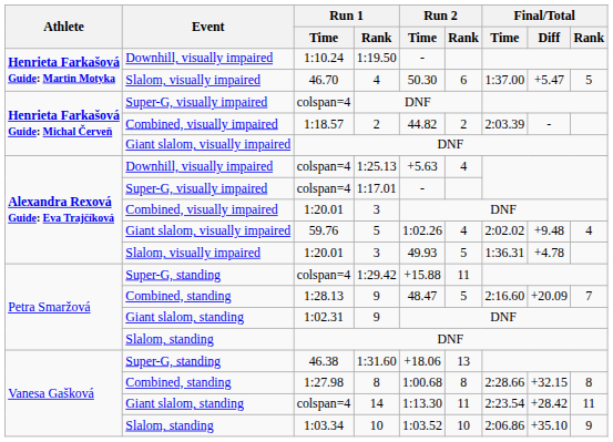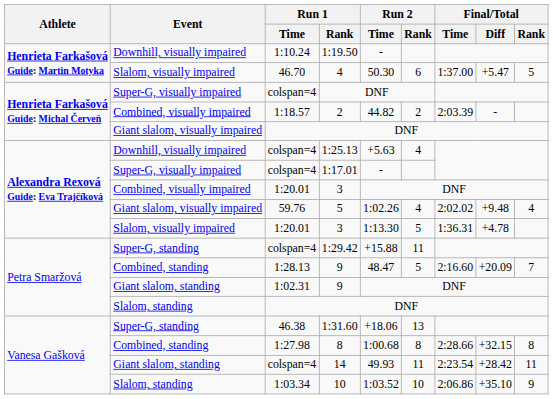 <table class="wikitable" style="font-size:90%">
 <tr>
 <th rowspan="2">Athlete</th>
 <th rowspan="2">Event</th>
 <th colspan="2">Run 1</th>
 <th colspan="2">Run 2</th>
 <th colspan="3">Final/Total</th>
 </tr>
 <tr>
 <th>Time</th>
 <th>Rank</th>
 <th>Time</th>
 <th>Rank</th>
 <th>Time</th>
 <th>Diff</th>
 <th>Rank</th>
 </tr>
 <tr>
 <td rowspan="2"><strong><a href='#'>Henrieta Farkašová</a><br><small><a href='#'>Guide</a>: <a href='#'>Martin Motyka</a></small></strong></td>
 <td><a href='#'>Downhill, visually impaired</a></td>
 <td align="center">1:10.24</td>
 <td align="center">1:19.50</td>
 <td align="center">-</td>
 <td align="center"></td>
 </tr>
 <tr>
 <td><a href='#'>Slalom, visually impaired</a></td>
 <td align="center">46.70</td>
 <td align="center">4</td>
 <td align="center">50.30</td>
 <td align="center">6</td>
 <td align="center">1:37.00</td>
 <td align="center">+5.47</td>
 <td align="center">5</td>
 </tr>
 <tr>
 <td rowspan="3"><strong><a href='#'>Henrieta Farkašová</a><br><small><a href='#'>Guide</a>: <a href='#'>Michal Červeň</a></small></strong></td>
 <td><a href='#'>Super-G, visually impaired</a></td>
 <td>colspan=4 </td>
 <td colspan=3 align="center">DNF</td>
 </tr>
 <tr>
 <td><a href='#'>Combined, visually impaired</a></td>
 <td align="center">1:18.57</td>
 <td align="center">2</td>
 <td align="center">44.82</td>
 <td align="center">2</td>
 <td align="center">2:03.39</td>
 <td align="center">-</td>
 <td align="center"></td>
 </tr>
 <tr>
 <td><a href='#'>Giant slalom, visually impaired</a></td>
 <td colspan=7 align="center">DNF</td>
 </tr>
 <tr>
 <td rowspan="5"><strong><a href='#'>Alexandra Rexová</a><br><small><a href='#'>Guide</a>: <a href='#'>Eva Trajčíková</a></small></strong></td>
 <td><a href='#'>Downhill, visually impaired</a></td>
 <td>colspan=4 </td>
 <td align="center">1:25.13</td>
 <td align="center">+5.63</td>
 <td align="center">4</td>
 </tr>
 <tr>
 <td><a href='#'>Super-G, visually impaired</a></td>
 <td>colspan=4 </td>
 <td align="center">1:17.01</td>
 <td align="center">-</td>
 <td align="center"></td>
 </tr>
 <tr>
 <td><a href='#'>Combined, visually impaired</a></td>
 <td align="center">1:20.01</td>
 <td align="center">3</td>
 <td colspan=5 align="center">DNF</td>
 </tr>
 <tr>
 <td><a href='#'>Giant slalom, visually impaired</a></td>
 <td align="center">59.76</td>
 <td align="center">5</td>
 <td align="center">1:02.26</td>
 <td align="center">4</td>
 <td align="center">2:02.02</td>
 <td align="center">+9.48</td>
 <td align="center">4</td>
 </tr>
 <tr>
 <td><a href='#'>Slalom, visually impaired</a></td>
 <td align="center">1:20.01</td>
 <td align="center">3</td>
-<td align="center">49.93</td>
+<td align="center">1:13.30</td>
 <td align="center">5</td>
 <td align="center">1:36.31</td>
 <td align="center">+4.78</td>
 <td align="center"></td>
 </tr>
 <tr>
 <td rowspan="4"><a href='#'>Petra Smaržová</a></td>
 <td><a href='#'>Super-G, standing</a></td>
 <td>colspan=4 </td>
 <td align="center">1:29.42</td>
 <td align="center">+15.88</td>
 <td align="center">11</td>
 </tr>
 <tr>
 <td><a href='#'>Combined, standing</a></td>
 <td align="center">1:28.13</td>
 <td align="center">9</td>
 <td align="center">48.47</td>
 <td align="center">5</td>
 <td align="center">2:16.60</td>
 <td align="center">+20.09</td>
 <td align="center">7</td>
 </tr>
 <tr>
 <td><a href='#'>Giant slalom, standing</a></td>
 <td align="center">1:02.31</td>
 <td align="center">9</td>
 <td colspan=5 align="center">DNF</td>
 </tr>
 <tr>
 <td><a href='#'>Slalom, standing</a></td>
 <td colspan=7 align="center">DNF</td>
 </tr>
 <tr>
 <td rowspan="4"><a href='#'>Vanesa Gašková</a></td>
 <td><a href='#'>Super-G, standing</a></td>
 <td align="center">46.38</td>
 <td align="center">1:31.60</td>
 <td align="center">+18.06</td>
 <td align="center">13</td>
 </tr>
 <tr>
 <td><a href='#'>Combined, standing</a></td>
 <td align="center">1:27.98</td>
 <td align="center">8</td>
 <td align="center">1:00.68</td>
 <td align="center">8</td>
 <td align="center">2:28.66</td>
 <td align="center">+32.15</td>
 <td align="center">8</td>
 </tr>
 <tr>
 <td><a href='#'>Giant slalom, standing</a></td>
 <td>colspan=4 </td>
 <td align="center">14</td>
-<td align="center">1:13.30</td>
+<td align="center">49.93</td>
 <td align="center">11</td>
 <td align="center">2:23.54</td>
 <td align="center">+28.42</td>
 <td align="center">11</td>
 </tr>
 <tr>
 <td><a href='#'>Slalom, standing</a></td>
 <td align="center">1:03.34</td>
 <td align="center">10</td>
 <td align="center">1:03.52</td>
 <td align="center">10</td>
 <td align="center">2:06.86</td>
 <td align="center">+35.10</td>
 <td align="center">9</td>
 </tr>
 </table>
